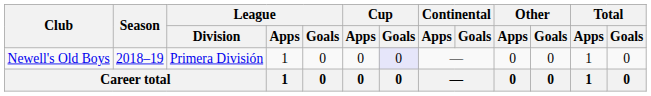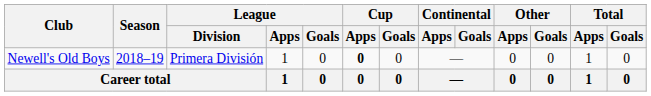 <table class="wikitable" style="text-align:center">
 <tr>
 <th rowspan="2">Club</th>
 <th rowspan="2">Season</th>
 <th colspan="3">League</th>
 <th colspan="2">Cup</th>
 <th colspan="2">Continental</th>
 <th colspan="2">Other</th>
 <th colspan="2">Total</th>
 </tr>
 <tr>
 <th>Division</th>
 <th>Apps</th>
 <th>Goals</th>
 <th>Apps</th>
 <th>Goals</th>
 <th>Apps</th>
 <th>Goals</th>
 <th>Apps</th>
 <th>Goals</th>
 <th>Apps</th>
 <th>Goals</th>
 </tr>
 <tr>
 <td rowspan="1"><a href='#'>Newell's Old Boys</a></td>
 <td><a href='#'>2018–19</a></td>
 <td rowspan="1"><a href='#'>Primera División</a></td>
 <td>1</td>
 <td>0</td>
+<td><strong>0</strong></td>
 <td>0</td>
-<td style="background: lavender;">0</td>
 <td colspan="2">—</td>
 <td>0</td>
 <td>0</td>
 <td>1</td>
 <td>0</td>
 </tr>
 <tr>
 <th colspan="3">Career total</th>
 <th>1</th>
 <th>0</th>
 <th>0</th>
 <th>0</th>
 <th colspan="2">—</th>
 <th>0</th>
 <th>0</th>
 <th>1</th>
 <th>0</th>
 </tr>
 </table>
